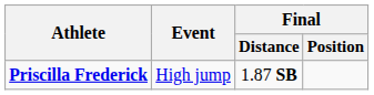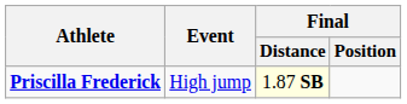 <table class=wikitable style="font-size:90%">
 <tr>
 <th rowspan="2">Athlete</th>
 <th rowspan="2">Event</th>
 <th colspan="2">Final</th>
 </tr>
 <tr style="font-size:95%">
 <th>Distance</th>
 <th>Position</th>
 </tr>
 <tr align=center>
 <td align=left><strong><a href='#'>Priscilla Frederick</a></strong></td>
 <td align=left rowspan=2><a href='#'>High jump</a></td>
-<td>1.87 <strong>SB</strong></td>
+<td style="background: lightyellow;">1.87 <strong>SB</strong></td>
 <td></td>
 </tr>
 </table>
